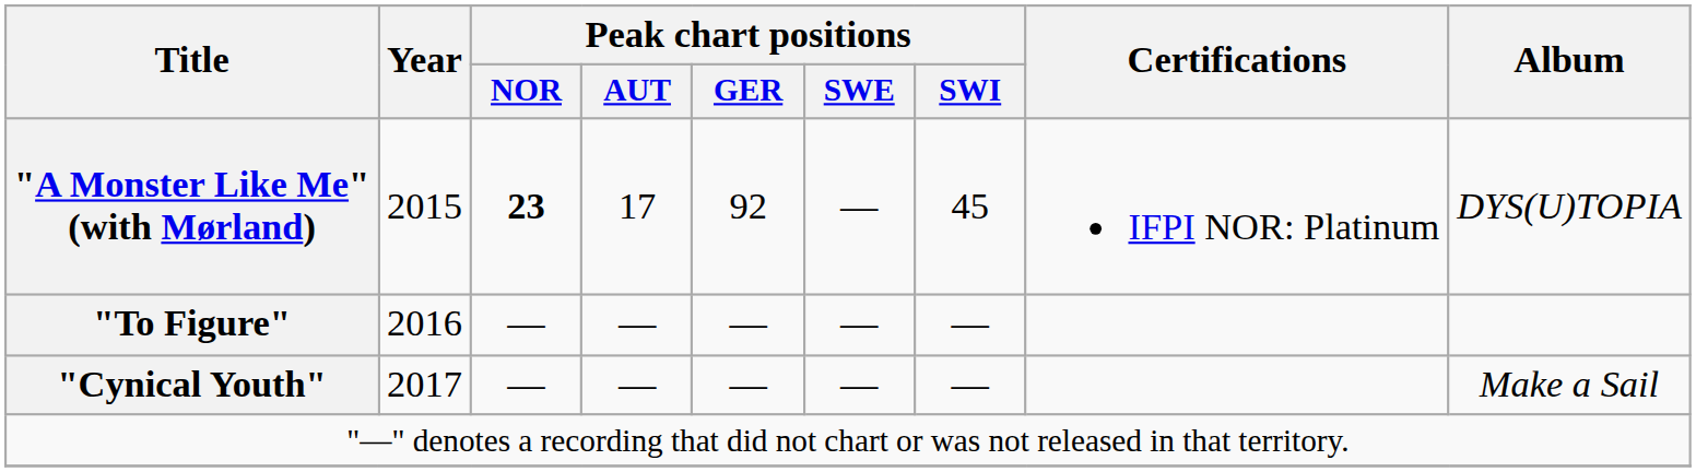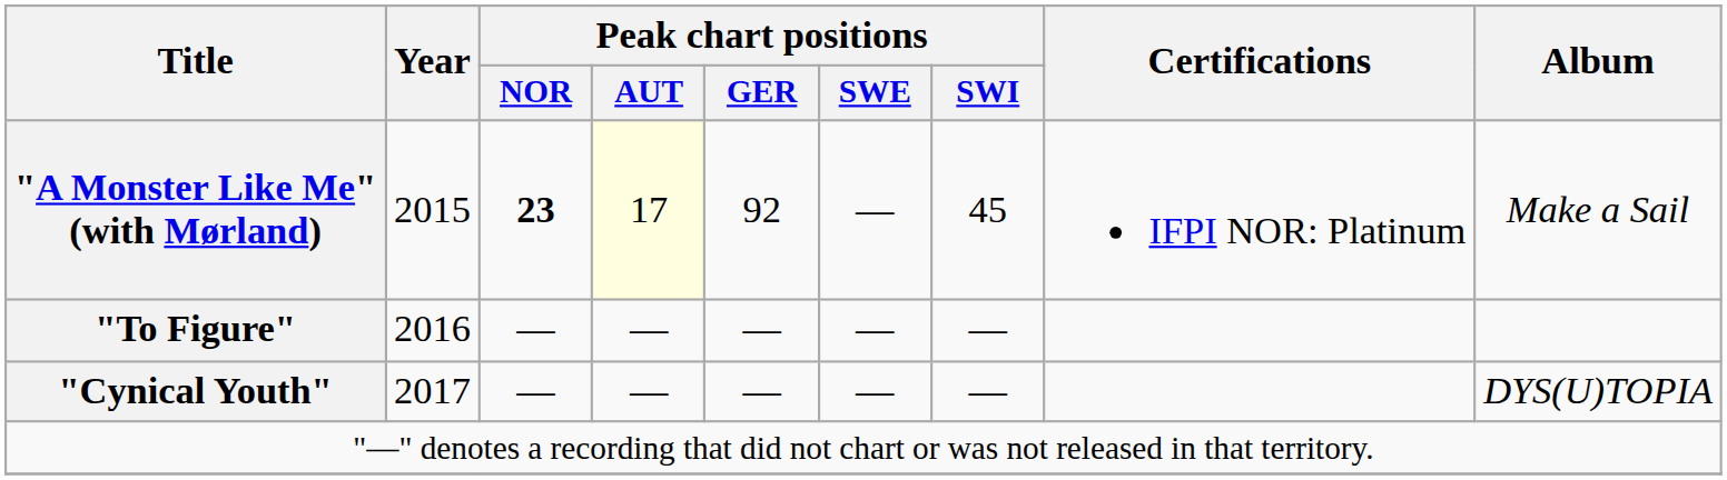 <table class="wikitable plainrowheaders" style="text-align:center;">
 <tr>
 <th scope="col" rowspan="2">Title</th>
 <th scope="col" rowspan="2">Year</th>
 <th scope="col" colspan="5">Peak chart positions</th>
 <th scope="col" rowspan="2">Certifications</th>
 <th scope="col" rowspan="2">Album</th>
 </tr>
 <tr>
 <th scope="col" style="width:3em;font-size:85%;"><a href='#'>NOR</a><br></th>
 <th scope="col" style="width:3em;font-size:85%;"><a href='#'>AUT</a><br></th>
 <th scope="col" style="width:3em;font-size:85%;"><a href='#'>GER</a><br></th>
 <th scope="col" style="width:3em;font-size:85%;"><a href='#'>SWE</a></th>
 <th scope="col" style="width:3em;font-size:85%;"><a href='#'>SWI</a><br></th>
 </tr>
 <tr>
 <th scope="row">"<a href='#'>A Monster Like Me</a>"<br><span>(with <a href='#'>Mørland</a>)</span></th>
 <td>2015</td>
 <td><strong>23</strong></td>
-<td>17</td>
+<td style="background: lightyellow;">17</td>
 <td>92</td>
 <td>—</td>
 <td>45</td>
 <td><br><ul><li><a href='#'>IFPI</a> NOR: Platinum</li></ul></td>
-<td><em>DYS(U)TOPIA</em></td>
+<td><em>Make a Sail</em></td>
 </tr>
 <tr>
 <th scope="row">"To Figure"</th>
 <td>2016</td>
 <td>—</td>
 <td>—</td>
 <td>—</td>
 <td>—</td>
 <td>—</td>
 <td></td>
 <td></td>
 </tr>
 <tr>
 <th scope="row">"Cynical Youth"</th>
 <td>2017</td>
 <td>—</td>
 <td>—</td>
 <td>—</td>
 <td>—</td>
 <td>—</td>
 <td></td>
-<td><em>Make a Sail</em></td>
+<td><em>DYS(U)TOPIA</em></td>
 </tr>
 <tr>
 <td colspan="10" style="font-size:85%">"—" denotes a recording that did not chart or was not released in that territory.</td>
 </tr>
 <tr>
 </tr>
 </table>
